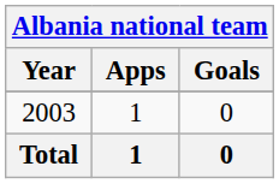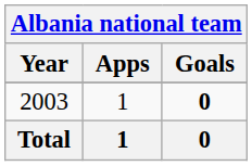 <table class="wikitable" style="text-align:center">
 <tr>
 <th colspan=3><a href='#'>Albania national team</a></th>
 </tr>
 <tr>
 <th>Year</th>
 <th>Apps</th>
 <th>Goals</th>
 </tr>
 <tr>
 </tr>
 <tr>
 <td>2003</td>
 <td>1</td>
-<td>0</td>
+<td><strong>0</strong></td>
 </tr>
 <tr>
 <th>Total</th>
 <th>1</th>
 <th>0</th>
 </tr>
 </table>
